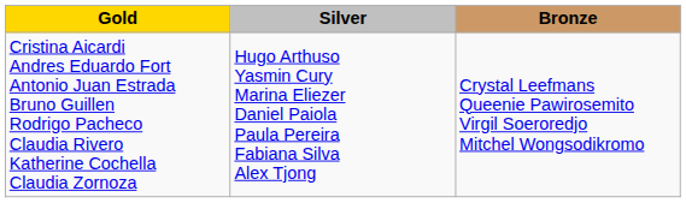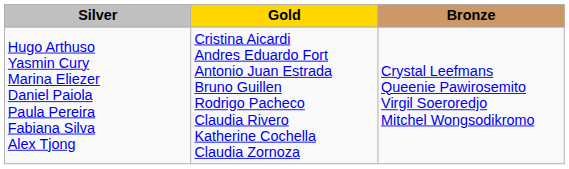 <table class="wikitable" style="text-align:left">
 <tr align="center">
+<td width=200 bgcolor=silver><strong>Silver</strong></td>
 <td width=200 bgcolor=gold><strong>Gold</strong></td>
-<td width=200 bgcolor=silver><strong>Silver</strong></td>
 <td width=200 bgcolor=CC9966><strong>Bronze</strong></td>
 </tr>
 <tr>
+<td><a href='#'>Hugo Arthuso</a><br><a href='#'>Yasmin Cury</a><br><a href='#'>Marina Eliezer</a><br><a href='#'>Daniel Paiola</a><br><a href='#'>Paula Pereira</a><br><a href='#'>Fabiana Silva</a><br><a href='#'>Alex Tjong</a><br><em></em></td>
 <td><a href='#'>Cristina Aicardi</a><br><a href='#'>Andres Eduardo Fort</a><br><a href='#'>Antonio Juan Estrada</a><br><a href='#'>Bruno Guillen</a><br><a href='#'>Rodrigo Pacheco</a><br><a href='#'>Claudia Rivero</a><br><a href='#'>Katherine Cochella</a><br><a href='#'>Claudia Zornoza</a><br><em></em></td>
-<td><a href='#'>Hugo Arthuso</a><br><a href='#'>Yasmin Cury</a><br><a href='#'>Marina Eliezer</a><br><a href='#'>Daniel Paiola</a><br><a href='#'>Paula Pereira</a><br><a href='#'>Fabiana Silva</a><br><a href='#'>Alex Tjong</a><br><em></em></td>
 <td><a href='#'>Crystal Leefmans</a><br><a href='#'>Queenie Pawirosemito</a><br><a href='#'>Virgil Soeroredjo</a><br><a href='#'>Mitchel Wongsodikromo</a><br><em></em></td>
 </tr>
 </table>
